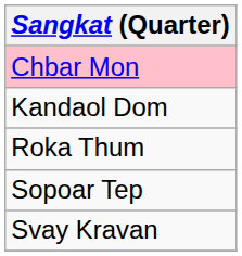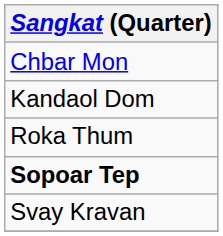 <table class="wikitable">
 <tr>
 <th><em><a href='#'>Sangkat</a></em> (Quarter)</th>
 </tr>
 <tr>
-<td style="background: pink;"><a href='#'>Chbar Mon</a></td>
+<td><a href='#'>Chbar Mon</a></td>
 </tr>
 <tr>
 <td>Kandaol Dom</td>
 </tr>
 <tr>
 <td>Roka Thum</td>
 </tr>
 <tr>
-<td>Sopoar Tep</td>
+<td><strong>Sopoar Tep</strong></td>
 </tr>
 <tr>
 <td>Svay Kravan</td>
 </tr>
 <tr>
 </tr>
 </table>
